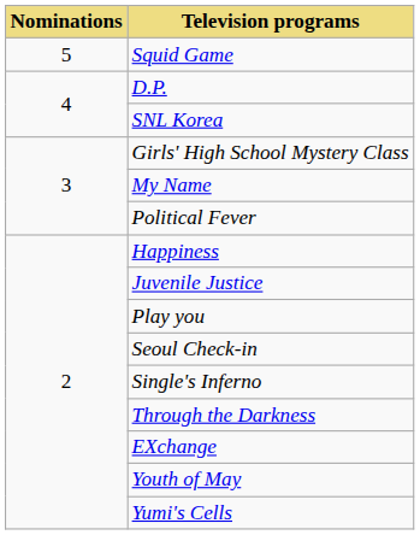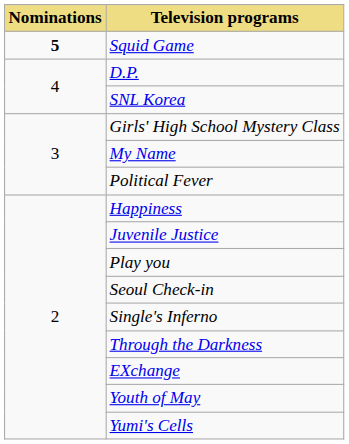 <table class="wikitable">
 <tr>
 <th style="background:#EEDD82; text-align:center">Nominations</th>
 <th style="background:#EEDD82; text-align:center">Television programs</th>
 </tr>
 <tr>
-<td style="text-align:center">5</td>
+<td style="text-align:center"><strong>5</strong></td>
 <td><em><a href='#'>Squid Game</a></em></td>
 </tr>
 <tr>
 <td rowspan=2 style="text-align:center">4</td>
 <td><em><a href='#'>D.P.</a></em></td>
 </tr>
 <tr>
 <td><em><a href='#'>SNL Korea</a></em></td>
 </tr>
 <tr>
 <td rowspan=3 style="text-align:center">3</td>
 <td><em>Girls' High School Mystery Class</em> </td>
 </tr>
 <tr>
 <td><em><a href='#'>My Name</a></em></td>
 </tr>
 <tr>
 <td><em>Political Fever</em></td>
 </tr>
 <tr>
 <td rowspan=9 style="text-align:center">2</td>
 <td><em><a href='#'>Happiness</a></em></td>
 </tr>
 <tr>
 <td><em><a href='#'>Juvenile Justice</a></em></td>
 </tr>
 <tr>
 <td><em>Play you</em></td>
 </tr>
 <tr>
 <td><em>Seoul Check-in</em></td>
 </tr>
 <tr>
 <td><em>Single's Inferno</em></td>
 </tr>
 <tr>
 <td><em><a href='#'>Through the Darkness</a></em></td>
 </tr>
 <tr>
 <td><em><a href='#'>EXchange</a></em></td>
 </tr>
 <tr>
 <td><em><a href='#'>Youth of May</a></em></td>
 </tr>
 <tr>
 <td><em><a href='#'>Yumi's Cells</a></em></td>
 </tr>
 </table>
